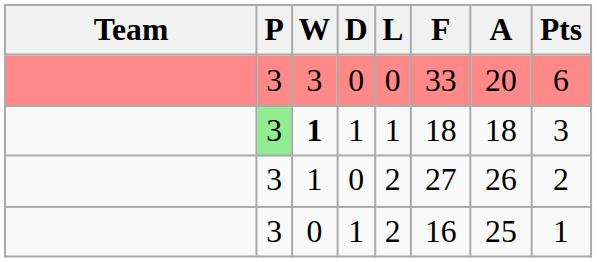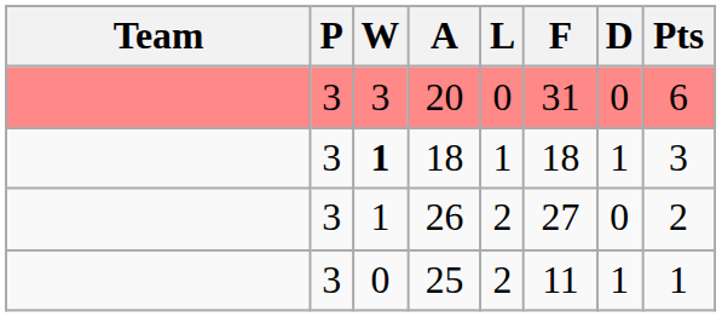 <table class="wikitable" style="text-align:center;">
 <tr>
 <th width="120px">Team</th>
 <th>P</th>
 <th>W</th>
-<th>D</th>
+<th width="23px">A</th>
 <th>L</th>
 <th width="23px">F</th>
-<th width="23px">A</th>
+<th>D</th>
 <th width="23px">Pts</th>
 </tr>
 <tr bgcolor="#FF8888">
 <td></td>
 <td>3</td>
 <td>3</td>
+<td>20</td>
 <td>0</td>
+<td>31</td>
 <td>0</td>
-<td>33</td>
-<td>20</td>
 <td>6</td>
 </tr>
 <tr>
 <td></td>
-<td style="background: lightgreen;">3</td>
+<td>3</td>
 <td><strong>1</strong></td>
-<td>1</td>
+<td>18</td>
 <td>1</td>
 <td>18</td>
-<td>18</td>
+<td>1</td>
 <td>3</td>
 </tr>
 <tr>
 <td></td>
 <td>3</td>
 <td>1</td>
-<td>0</td>
+<td>26</td>
 <td>2</td>
 <td>27</td>
-<td>26</td>
+<td>0</td>
 <td>2</td>
 </tr>
 <tr>
 <td></td>
 <td>3</td>
 <td>0</td>
+<td>25</td>
+<td>2</td>
+<td>11</td>
 <td>1</td>
-<td>2</td>
-<td>16</td>
-<td>25</td>
 <td>1</td>
 </tr>
 </table>
